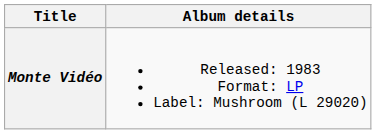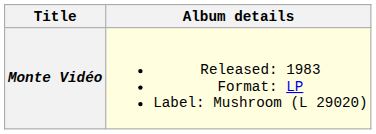 <table class="wikitable plainrowheaders" style="text-align:center;" border="1">
 <tr>
 <th>Title</th>
 <th>Album details</th>
 </tr>
 <tr>
 <th scope="row"><em>Monte Vidéo</em></th>
-<td><br><ul><li>Released: 1983</li><li>Format: <a href='#'>LP</a></li><li>Label:  Mushroom (L 29020)</li></ul></td>
+<td style="background: lightyellow;"><br><ul><li>Released: 1983</li><li>Format: <a href='#'>LP</a></li><li>Label:  Mushroom (L 29020)</li></ul></td>
 </tr>
 </table>
